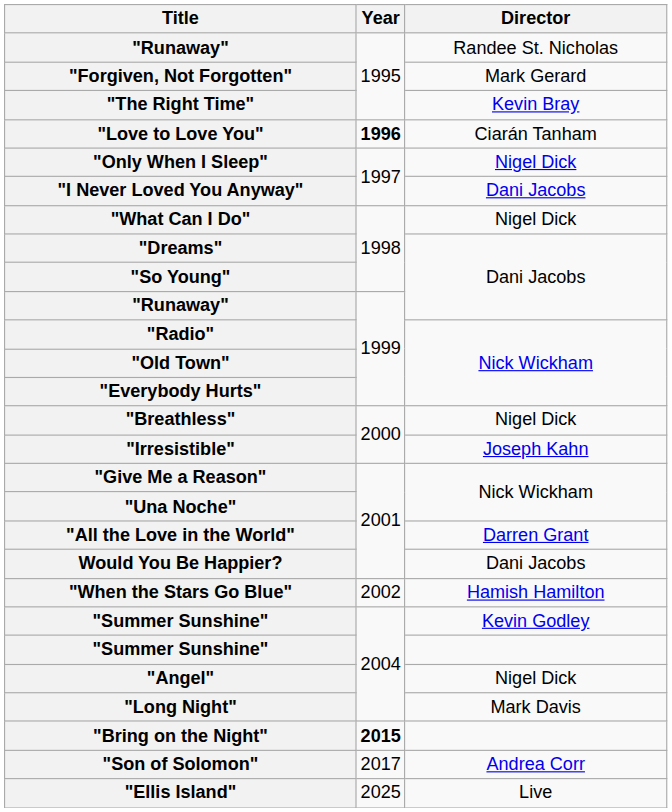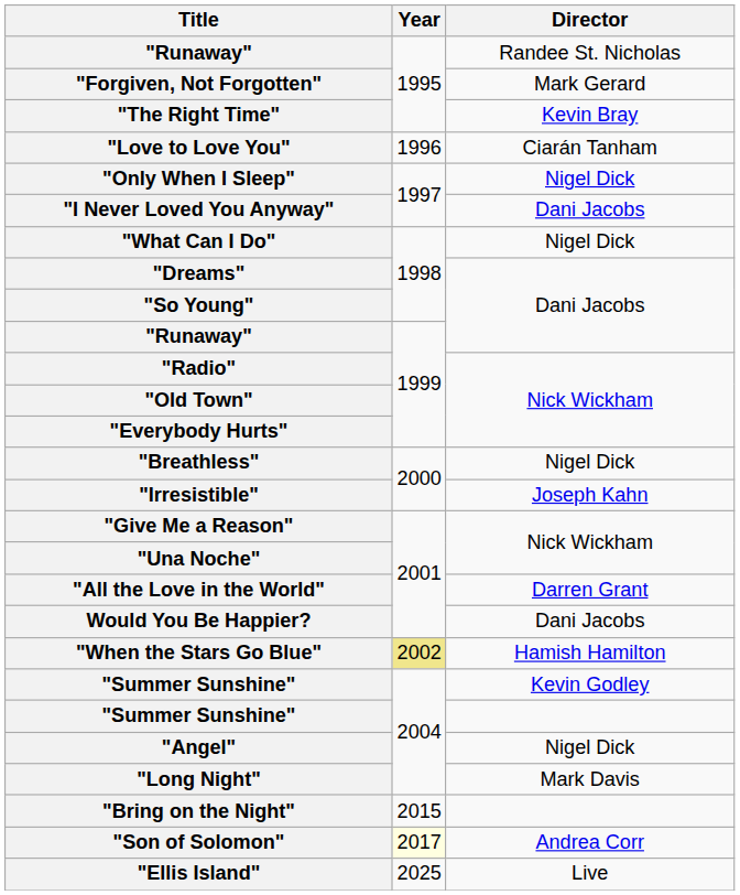 <table class="wikitable plainrowheaders" style="text-align:center;" border="1">
 <tr>
 <th scope="col" style="width:19em;">Title</th>
 <th scope="col">Year</th>
 <th scope="col" style="width:14em;">Director</th>
 </tr>
 <tr>
 <th scope="row">"Runaway"</th>
 <td rowspan="3">1995</td>
 <td>Randee St. Nicholas</td>
 </tr>
 <tr>
 <th scope="row">"Forgiven, Not Forgotten"</th>
 <td>Mark Gerard</td>
 </tr>
 <tr>
 <th scope="row">"The Right Time"</th>
 <td><a href='#'>Kevin Bray</a></td>
 </tr>
 <tr>
 <th scope="row">"Love to Love You"</th>
-<td><strong>1996</strong></td>
+<td>1996</td>
 <td>Ciarán Tanham</td>
 </tr>
 <tr>
 <th scope="row">"Only When I Sleep"</th>
 <td rowspan="2">1997</td>
 <td><a href='#'>Nigel Dick</a></td>
 </tr>
 <tr>
 <th scope="row">"I Never Loved You Anyway"</th>
 <td><a href='#'>Dani Jacobs</a></td>
 </tr>
 <tr>
 <th scope="row">"What Can I Do" </th>
 <td rowspan="3">1998</td>
 <td>Nigel Dick</td>
 </tr>
 <tr>
 <th scope="row">"Dreams"</th>
 <td rowspan="3">Dani Jacobs</td>
 </tr>
 <tr>
 <th scope="row">"So Young" </th>
 </tr>
 <tr>
 <th scope="row">"Runaway" </th>
 <td rowspan="4">1999</td>
 </tr>
 <tr>
 <th scope="row">"Radio" </th>
 <td rowspan="3"><a href='#'>Nick Wickham</a></td>
 </tr>
 <tr>
 <th scope="row">"Old Town" </th>
 </tr>
 <tr>
 <th scope="row">"Everybody Hurts" </th>
 </tr>
 <tr>
 <th scope="row">"Breathless"</th>
 <td rowspan="2">2000</td>
 <td>Nigel Dick</td>
 </tr>
 <tr>
 <th scope="row">"Irresistible"</th>
 <td><a href='#'>Joseph Kahn</a></td>
 </tr>
 <tr>
 <th scope="row">"Give Me a Reason"</th>
 <td rowspan="4">2001</td>
 <td rowspan="2">Nick Wickham</td>
 </tr>
 <tr>
 <th scope="row">"Una Noche" </th>
 </tr>
 <tr>
 <th scope="row">"All the Love in the World"</th>
 <td><a href='#'>Darren Grant</a></td>
 </tr>
 <tr>
 <th scope="row">Would You Be Happier?</th>
 <td>Dani Jacobs</td>
 </tr>
 <tr>
 <th scope="row">"When the Stars Go Blue" </th>
-<td>2002</td>
+<td style="background: khaki;">2002</td>
 <td><a href='#'>Hamish Hamilton</a></td>
 </tr>
 <tr>
 <th scope="row">"Summer Sunshine"</th>
 <td rowspan="4">2004</td>
 <td><a href='#'>Kevin Godley</a></td>
 </tr>
 <tr>
 <th scope="row">"Summer Sunshine" </th>
 <td></td>
 </tr>
 <tr>
 <th scope="row">"Angel"</th>
 <td>Nigel Dick</td>
 </tr>
 <tr>
 <th scope="row">"Long Night"</th>
 <td>Mark Davis</td>
 </tr>
 <tr>
 <th scope="row">"Bring on the Night"</th>
-<td><strong>2015</strong></td>
+<td>2015</td>
 <td></td>
 </tr>
 <tr>
 <th scope="row">"Son of Solomon"</th>
-<td>2017</td>
+<td style="background: lightyellow;">2017</td>
 <td><a href='#'>Andrea Corr</a></td>
 </tr>
 <tr>
 <th scope="row">"Ellis Island"</th>
 <td>2025</td>
 <td>Live</td>
 </tr>
 </table>
